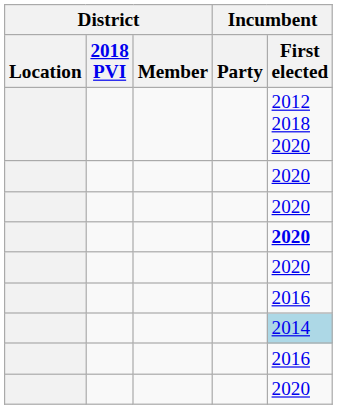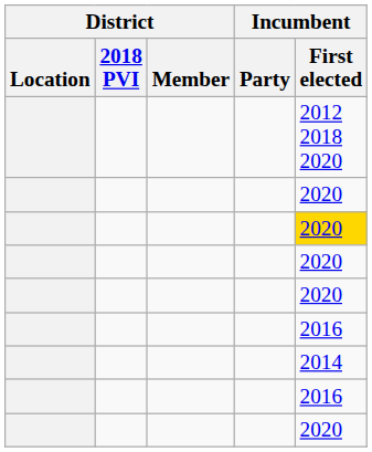 <table class="wikitable sortable">
 <tr>
 <th colspan=3>District</th>
 <th colspan="5">Incumbent</th>
 </tr>
 <tr valign=bottom>
 <th>Location</th>
 <th><a href='#'>2018<br>PVI</a></th>
 <th>Member</th>
 <th>Party</th>
 <th>First<br>elected</th>
 </tr>
 <tr>
 <th></th>
 <td></td>
 <td></td>
 <td></td>
 <td><a href='#'>2012</a><br><a href='#'>2018</a> <br><a href='#'>2020</a></td>
 </tr>
 <tr>
 <th></th>
 <td></td>
 <td></td>
 <td></td>
 <td><a href='#'>2020 </a></td>
 </tr>
 <tr>
 <th></th>
 <td></td>
 <td></td>
 <td></td>
-<td><a href='#'>2020</a></td>
+<td style="background: gold;"><a href='#'>2020</a></td>
 </tr>
 <tr>
 <th></th>
 <td></td>
 <td></td>
 <td></td>
-<td><strong><a href='#'>2020</a></strong></td>
+<td><a href='#'>2020</a></td>
 </tr>
 <tr>
 <th></th>
 <td></td>
 <td></td>
 <td></td>
 <td><a href='#'>2020</a></td>
 </tr>
 <tr>
 <th></th>
 <td></td>
 <td></td>
 <td></td>
 <td><a href='#'>2016</a></td>
 </tr>
 <tr>
 <th></th>
 <td></td>
 <td></td>
 <td></td>
-<td style="background: lightblue;"><a href='#'>2014</a></td>
+<td><a href='#'>2014</a></td>
 </tr>
 <tr>
 <th></th>
 <td></td>
 <td></td>
 <td></td>
 <td><a href='#'>2016</a></td>
 </tr>
 <tr>
 <th></th>
 <td></td>
 <td></td>
 <td></td>
 <td><a href='#'>2020</a></td>
 </tr>
 </table>
